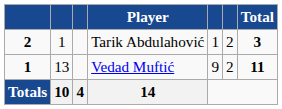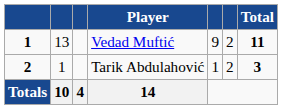 <table class="wikitable sortable" style="font-size: 95%; text-align: center;">
 <tr>
 <th style="background:#18488f; color:#FFFFFF; "></th>
 <th style="background:#18488f; color:#FFFFFF; "></th>
 <th style="background:#18488f; color:#FFFFFF; "></th>
 <th style="background:#18488f; color:#FFFFFF; ">Player</th>
 <th style="background:#18488f; color:#FFFFFF; "></th>
 <th style="background:#18488f; color:#FFFFFF; "></th>
 <th style="background:#18488f; color:#FFFFFF; ">Total</th>
 </tr>
 <tr>
+<td><strong>1</strong></td>
+<td>13</td>
+<td></td>
+<td align=left><a href='#'>Vedad Muftić</a></td>
+<td>9</td>
+<td>2</td>
+<td><strong>11</strong></td>
+</tr>
+<tr>
 <td><strong>2</strong></td>
 <td>1</td>
 <td></td>
 <td align=left>Tarik Abdulahović</td>
 <td>1</td>
 <td>2</td>
 <td><strong>3</strong></td>
 </tr>
 <tr>
-<td><strong>1</strong></td>
-<td>13</td>
-<td></td>
-<td align=left><a href='#'>Vedad Muftić</a></td>
-<td>9</td>
-<td>2</td>
-<td><strong>11</strong></td>
-</tr>
-<tr>
 <th style="background:#18488f; color:#FFFFFF; "><strong>Totals</strong></th>
 <th>10 </th>
 <th>4 </th>
 <th>14 </th>
 </tr>
 </table>
